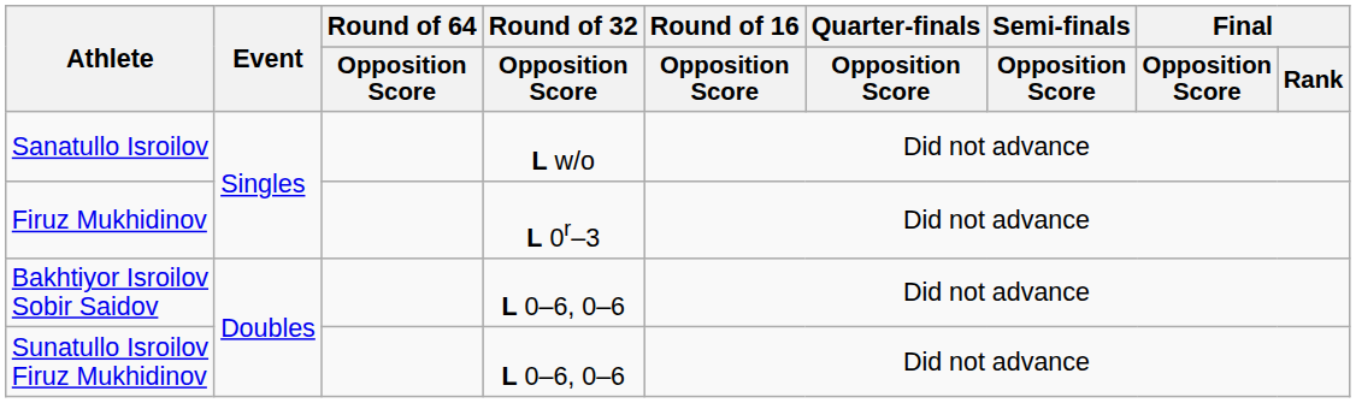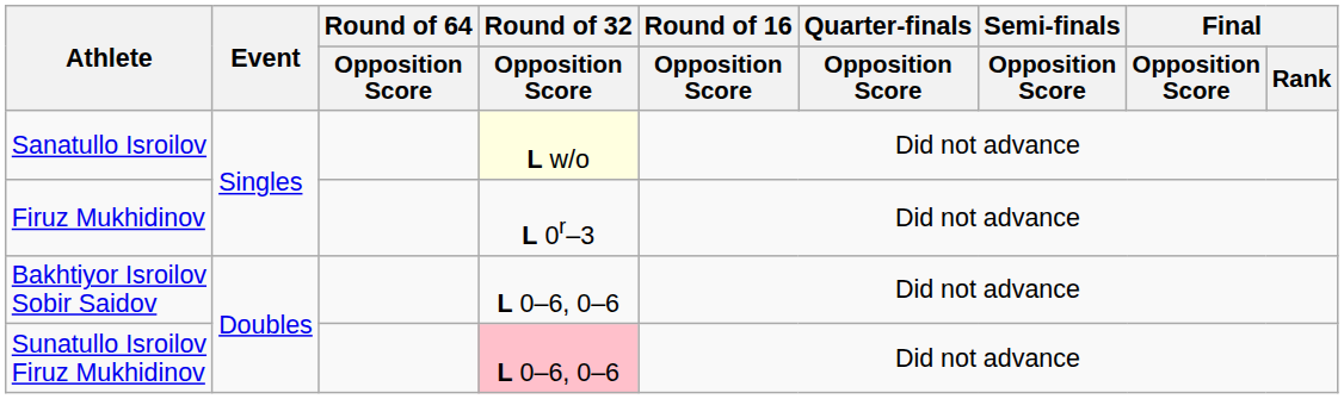 <table class=wikitable style="font-size:90%; text-align:center;">
 <tr>
 <th rowspan="2">Athlete</th>
 <th rowspan="2">Event</th>
 <th>Round of 64</th>
 <th>Round of 32</th>
 <th>Round of 16</th>
 <th>Quarter-finals</th>
 <th>Semi-finals</th>
 <th colspan=2>Final</th>
 </tr>
 <tr style="font-size:95%">
 <th>Opposition<br>Score</th>
 <th>Opposition<br>Score</th>
 <th>Opposition<br>Score</th>
 <th>Opposition<br>Score</th>
 <th>Opposition<br>Score</th>
 <th>Opposition<br>Score</th>
 <th>Rank</th>
 </tr>
 <tr>
 <td align=left><a href='#'>Sanatullo Isroilov</a></td>
 <td align=left rowspan=2><a href='#'>Singles</a></td>
 <td></td>
-<td><br><strong>L</strong> w/o</td>
+<td style="background: lightyellow;"><br><strong>L</strong> w/o</td>
 <td colspan=5>Did not advance</td>
 </tr>
 <tr>
 <td align=left><a href='#'>Firuz Mukhidinov</a></td>
 <td></td>
 <td><br><strong>L</strong> 0<sup>r</sup>–3</td>
 <td colspan=5>Did not advance</td>
 </tr>
 <tr>
 <td align=left><a href='#'>Bakhtiyor Isroilov</a><br><a href='#'>Sobir Saidov</a></td>
 <td align=left rowspan=2><a href='#'>Doubles</a></td>
 <td></td>
 <td><br><strong>L</strong> 0–6, 0–6</td>
 <td colspan=5>Did not advance</td>
 </tr>
 <tr>
 <td align=left><a href='#'>Sunatullo Isroilov</a><br><a href='#'>Firuz Mukhidinov</a></td>
 <td></td>
-<td><br><strong>L</strong> 0–6, 0–6</td>
+<td style="background: pink;"><br><strong>L</strong> 0–6, 0–6</td>
 <td colspan=5>Did not advance</td>
 </tr>
 </table>
